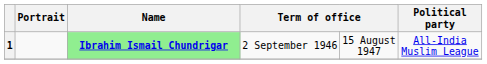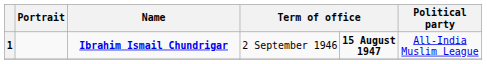 <table class="wikitable" style="text-align:center">
 <tr>
 <th></th>
 <th>Portrait</th>
 <th style="width:17em">Name</th>
 <th colspan="2">Term of office</th>
 <th style="width:8em">Political party</th>
 </tr>
 <tr>
 <th>1</th>
 <td></td>
-<td style="background: lightgreen;"><strong><a href='#'>Ibrahim Ismail Chundrigar</a></strong></td>
+<td><strong><a href='#'>Ibrahim Ismail Chundrigar</a></strong></td>
 <td>2 September 1946</td>
-<td>15 August<br>1947</td>
+<td><strong>15 August<br>1947</strong></td>
 <td><a href='#'>All-India Muslim League</a></td>
 </tr>
 <tr>
 </tr>
 </table>
